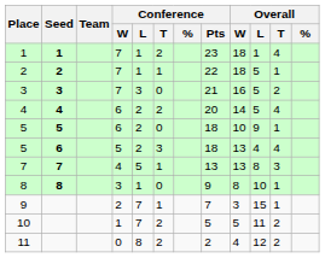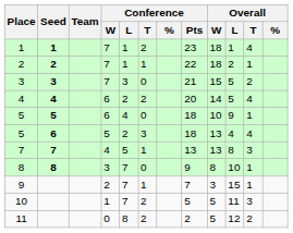 <table class="wikitable">
 <tr>
 <th rowspan ="2">Place</th>
 <th rowspan ="2">Seed</th>
 <th rowspan ="2">Team</th>
 <th colspan = "5">Conference</th>
 <th colspan = "4">Overall</th>
 </tr>
 <tr>
 <th scope="col" style="width: 20px;">W</th>
 <th scope="col" style="width: 20px;">L</th>
 <th scope="col" style="width: 20px;">T</th>
 <th scope="col" style="width: 30px;">%</th>
 <th scope="col" style="width: 30px;">Pts</th>
 <th scope="col" style="width: 20px;">W</th>
 <th scope="col" style="width: 20px;">L</th>
 <th scope="col" style="width: 20px;">T</th>
 <th scope="col" style="width: 30px;">%</th>
 </tr>
 <tr bgcolor=#ccffcc>
 <td style="text-align:center;">1</td>
 <td style="text-align:center;"><strong>1</strong></td>
 <td></td>
 <td>7</td>
 <td>1</td>
 <td>2</td>
 <td></td>
 <td>23</td>
 <td>18</td>
 <td>1</td>
 <td>4</td>
 <td></td>
 </tr>
 <tr bgcolor=#ccffcc>
 <td style="text-align:center;">2</td>
 <td style="text-align:center;"><strong>2</strong></td>
 <td></td>
 <td>7</td>
 <td>1</td>
 <td>1</td>
 <td></td>
 <td>22</td>
 <td>18</td>
-<td>5</td>
+<td>2</td>
 <td>1</td>
 <td></td>
 </tr>
 <tr bgcolor=#ccffcc>
 <td style="text-align:center;">3</td>
 <td style="text-align:center;"><strong>3</strong></td>
 <td></td>
 <td>7</td>
 <td>3</td>
 <td>0</td>
 <td></td>
 <td>21</td>
-<td>16</td>
+<td>15</td>
 <td>5</td>
 <td>2</td>
 <td></td>
 </tr>
 <tr bgcolor=#ccffcc>
 <td style="text-align:center;">4</td>
 <td style="text-align:center;"><strong>4</strong></td>
 <td></td>
 <td>6</td>
 <td>2</td>
 <td>2</td>
 <td></td>
 <td>20</td>
 <td>14</td>
 <td>5</td>
 <td>4</td>
 <td></td>
 </tr>
 <tr bgcolor=#ccffcc>
 <td style="text-align:center;">5</td>
 <td style="text-align:center;"><strong>5</strong></td>
 <td></td>
 <td>6</td>
-<td>2</td>
+<td>4</td>
 <td>0</td>
 <td></td>
 <td>18</td>
 <td>10</td>
 <td>9</td>
 <td>1</td>
 <td></td>
 </tr>
 <tr bgcolor=#ccffcc>
 <td style="text-align:center;">5</td>
 <td style="text-align:center;"><strong>6</strong></td>
 <td></td>
 <td>5</td>
 <td>2</td>
 <td>3</td>
 <td></td>
 <td>18</td>
 <td>13</td>
 <td>4</td>
 <td>4</td>
 <td></td>
 </tr>
 <tr bgcolor=#ccffcc>
 <td style="text-align:center;">7</td>
 <td style="text-align:center;"><strong>7</strong></td>
 <td></td>
 <td>4</td>
 <td>5</td>
 <td>1</td>
 <td></td>
 <td>13</td>
 <td>13</td>
 <td>8</td>
 <td>3</td>
 <td></td>
 </tr>
 <tr bgcolor=#ccffcc>
 <td style="text-align:center;">8</td>
 <td style="text-align:center;"><strong>8</strong></td>
 <td></td>
 <td>3</td>
-<td>1</td>
+<td>7</td>
 <td>0</td>
 <td></td>
 <td>9</td>
 <td>8</td>
 <td>10</td>
 <td>1</td>
 <td></td>
 </tr>
 <tr>
 <td style="text-align:center;">9</td>
 <td style="text-align:center;"></td>
 <td></td>
 <td>2</td>
 <td>7</td>
 <td>1</td>
 <td></td>
 <td>7</td>
 <td>3</td>
 <td>15</td>
 <td>1</td>
 <td></td>
 </tr>
 <tr>
 <td style="text-align:center;">10</td>
 <td style="text-align:center;"></td>
 <td></td>
 <td>1</td>
 <td>7</td>
 <td>2</td>
 <td></td>
 <td>5</td>
 <td>5</td>
 <td>11</td>
-<td>2</td>
+<td>3</td>
 <td></td>
 </tr>
 <tr>
 <td style="text-align:center;">11</td>
 <td style="text-align:center;"></td>
 <td></td>
 <td>0</td>
 <td>8</td>
 <td>2</td>
 <td></td>
 <td>2</td>
-<td>4</td>
+<td>5</td>
 <td>12</td>
 <td>2</td>
 <td></td>
 </tr>
 </table>
